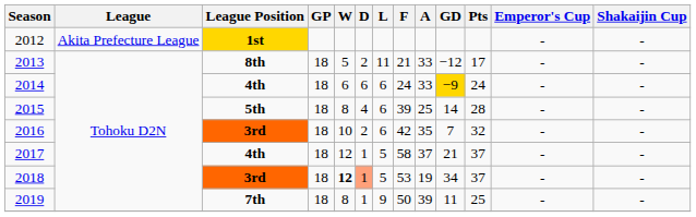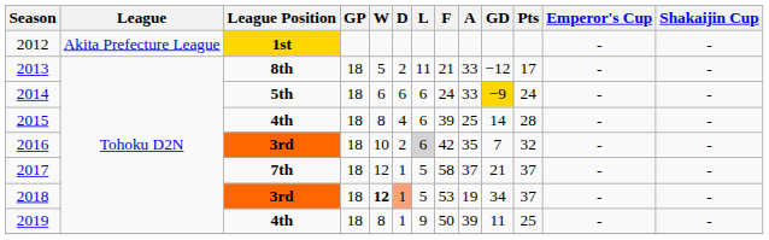 <table class="wikitable" style="text-align:center;">
 <tr>
 <th>Season</th>
 <th>League</th>
 <th>League Position</th>
 <th>GP</th>
 <th>W</th>
 <th>D</th>
 <th>L</th>
 <th>F</th>
 <th>A</th>
 <th>GD</th>
 <th>Pts</th>
 <th><a href='#'>Emperor's Cup</a></th>
 <th><a href='#'>Shakaijin Cup</a></th>
 </tr>
 <tr>
 <td>2012</td>
 <td><a href='#'>Akita Prefecture League</a></td>
 <td bgcolor=Gold><strong>1st</strong></td>
 <td></td>
 <td></td>
 <td></td>
 <td></td>
 <td></td>
 <td></td>
 <td></td>
 <td></td>
 <td>-</td>
 <td>-</td>
 </tr>
 <tr>
 <td><a href='#'>2013</a></td>
 <td rowspan="7"><a href='#'>Tohoku D2N</a></td>
 <td><strong>8th</strong></td>
 <td>18</td>
 <td>5</td>
 <td>2</td>
 <td>11</td>
 <td>21</td>
 <td>33</td>
 <td>−12</td>
 <td>17</td>
 <td>-</td>
 <td>-</td>
 </tr>
 <tr>
 <td><a href='#'>2014</a></td>
-<td><strong>4th</strong></td>
+<td><strong>5th</strong></td>
 <td>18</td>
 <td>6</td>
 <td>6</td>
 <td>6</td>
 <td>24</td>
 <td>33</td>
 <td style="background: gold;">−9</td>
 <td>24</td>
 <td>-</td>
 <td>-</td>
 </tr>
 <tr>
 <td><a href='#'>2015</a></td>
-<td><strong>5th</strong></td>
+<td><strong>4th</strong></td>
 <td>18</td>
 <td>8</td>
 <td>4</td>
 <td>6</td>
 <td>39</td>
 <td>25</td>
 <td>14</td>
 <td>28</td>
 <td>-</td>
 <td>-</td>
 </tr>
 <tr>
 <td><a href='#'>2016</a></td>
 <td bgcolor=#ff6600><strong>3rd</strong></td>
 <td>18</td>
 <td>10</td>
 <td>2</td>
-<td>6</td>
+<td style="background: lightgrey;">6</td>
 <td>42</td>
 <td>35</td>
 <td>7</td>
 <td>32</td>
 <td>-</td>
 <td>-</td>
 </tr>
 <tr>
 <td><a href='#'>2017</a></td>
-<td><strong>4th</strong></td>
+<td><strong>7th</strong></td>
 <td>18</td>
 <td>12</td>
 <td>1</td>
 <td>5</td>
 <td>58</td>
 <td>37</td>
 <td>21</td>
 <td>37</td>
 <td>-</td>
 <td>-</td>
 </tr>
 <tr>
 <td><a href='#'>2018</a></td>
 <td bgcolor=#ff6600><strong>3rd</strong></td>
 <td>18</td>
 <td><strong>12</strong></td>
 <td style="background: lightsalmon;">1</td>
 <td>5</td>
 <td>53</td>
 <td>19</td>
 <td>34</td>
 <td>37</td>
 <td>-</td>
 <td>-</td>
 </tr>
 <tr>
 <td><a href='#'>2019</a></td>
-<td><strong>7th</strong></td>
+<td><strong>4th</strong></td>
 <td>18</td>
 <td>8</td>
 <td>1</td>
 <td>9</td>
 <td>50</td>
 <td>39</td>
 <td>11</td>
 <td>25</td>
 <td>-</td>
 <td>-</td>
 </tr>
 <tr>
 </tr>
 </table>
